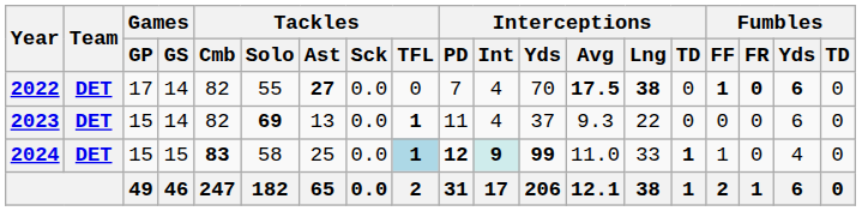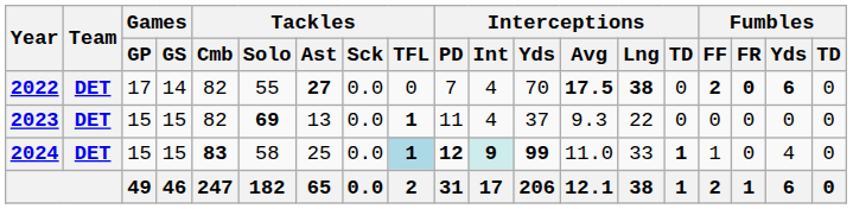 <table class="wikitable" style="text-align:center;">
 <tr>
 <th rowspan="2">Year</th>
 <th rowspan="2">Team</th>
 <th colspan="2">Games</th>
 <th colspan="5">Tackles</th>
 <th colspan="6">Interceptions</th>
 <th colspan="4">Fumbles</th>
 </tr>
 <tr>
 <th>GP</th>
 <th>GS</th>
 <th>Cmb</th>
 <th>Solo</th>
 <th>Ast</th>
 <th>Sck</th>
 <th>TFL</th>
 <th>PD</th>
 <th>Int</th>
 <th>Yds</th>
 <th>Avg</th>
 <th>Lng</th>
 <th>TD</th>
 <th>FF</th>
 <th>FR</th>
 <th>Yds</th>
 <th>TD</th>
 </tr>
 <tr>
 <th><a href='#'>2022</a></th>
 <th><a href='#'>DET</a></th>
 <td>17</td>
 <td>14</td>
 <td>82</td>
 <td>55</td>
 <td><strong>27</strong></td>
 <td>0.0</td>
 <td>0</td>
 <td>7</td>
 <td>4</td>
 <td>70</td>
 <td><strong>17.5</strong></td>
 <td><strong>38</strong></td>
 <td>0</td>
-<td><strong>1</strong></td>
+<td><strong>2</strong></td>
 <td><strong>0</strong></td>
 <td><strong>6</strong></td>
 <td>0</td>
 </tr>
 <tr>
 <th><a href='#'>2023</a></th>
 <th><a href='#'>DET</a></th>
 <td>15</td>
-<td>14</td>
+<td>15</td>
 <td>82</td>
 <td><strong>69</strong></td>
 <td>13</td>
 <td>0.0</td>
 <td><strong>1</strong></td>
 <td>11</td>
 <td>4</td>
 <td>37</td>
 <td>9.3</td>
 <td>22</td>
 <td>0</td>
 <td>0</td>
 <td>0</td>
-<td>6</td>
+<td>0</td>
 <td>0</td>
 </tr>
 <tr>
 <th><a href='#'>2024</a></th>
 <th><a href='#'>DET</a></th>
 <td>15</td>
 <td>15</td>
 <td><strong>83</strong></td>
 <td>58</td>
 <td>25</td>
 <td>0.0</td>
 <td style="background: lightblue;"><strong>1</strong></td>
 <td><strong>12</strong></td>
 <td style="background:#cfecec;"><strong>9</strong></td>
 <td><strong>99</strong></td>
 <td>11.0</td>
 <td>33</td>
 <td><strong>1</strong></td>
 <td>1</td>
 <td>0</td>
 <td>4</td>
 <td>0</td>
 </tr>
 <tr>
 <th colspan="2"></th>
 <th>49</th>
 <th>46</th>
 <th>247</th>
 <th>182</th>
 <th>65</th>
 <th>0.0</th>
 <th>2</th>
 <th>31</th>
 <th>17</th>
 <th>206</th>
 <th>12.1</th>
 <th>38</th>
 <th>1</th>
 <th>2</th>
 <th>1</th>
 <th>6</th>
 <th>0</th>
 </tr>
 </table>
